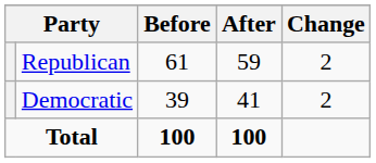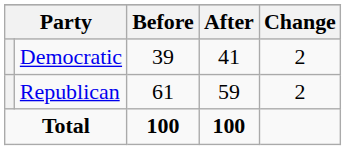 <table class="wikitable" style="text-align:center;">
 <tr>
 </tr>
 <tr>
 <th colspan=2>Party</th>
 <th>Before</th>
 <th>After</th>
 <th>Change</th>
 </tr>
 <tr>
 <th style="background-color:"></th>
-<td style="text-align:left;"><a href='#'>Republican</a></td>
-<td>61</td>
-<td>59</td>
+<td style="text-align:left;"><a href='#'>Democratic</a></td>
+<td>39</td>
+<td>41</td>
 <td> 2</td>
 </tr>
 <tr>
 <th style="background-color:"></th>
-<td style="text-align:left;"><a href='#'>Democratic</a></td>
-<td>39</td>
-<td>41</td>
+<td style="text-align:left;"><a href='#'>Republican</a></td>
+<td>61</td>
+<td>59</td>
 <td> 2</td>
 </tr>
 <tr>
 <td colspan=2><strong>Total</strong></td>
 <td><strong>100</strong></td>
 <td><strong>100</strong></td>
 <td></td>
 </tr>
 </table>
